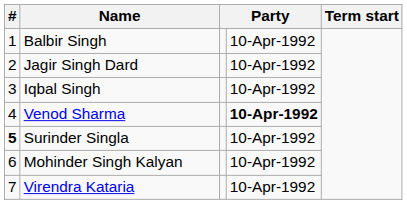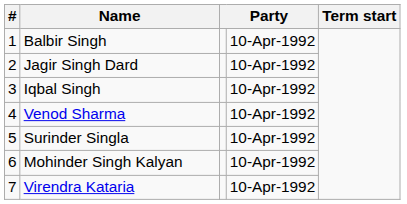 <table class="wikitable">
 <tr>
 <th>#</th>
 <th style="width:200px">Name</th>
 <th colspan="2">Party</th>
 <th>Term start</th>
 </tr>
 <tr>
 <td>1</td>
 <td>Balbir Singh</td>
 <td></td>
 <td>10-Apr-1992</td>
 </tr>
 <tr>
 <td>2</td>
 <td>Jagir Singh Dard</td>
 <td></td>
 <td>10-Apr-1992</td>
 </tr>
 <tr>
 <td>3</td>
 <td>Iqbal Singh</td>
 <td></td>
 <td>10-Apr-1992</td>
 </tr>
 <tr>
 <td>4</td>
 <td><a href='#'>Venod Sharma</a></td>
 <td></td>
-<td><strong>10-Apr-1992</strong></td>
+<td>10-Apr-1992</td>
 </tr>
 <tr>
-<td><strong>5</strong></td>
+<td>5</td>
 <td>Surinder Singla</td>
 <td></td>
 <td>10-Apr-1992</td>
 </tr>
 <tr>
 <td>6</td>
 <td>Mohinder Singh Kalyan</td>
 <td></td>
 <td>10-Apr-1992</td>
 </tr>
 <tr>
 <td>7</td>
 <td><a href='#'>Virendra Kataria</a></td>
 <td></td>
 <td>10-Apr-1992</td>
 </tr>
 </table>
